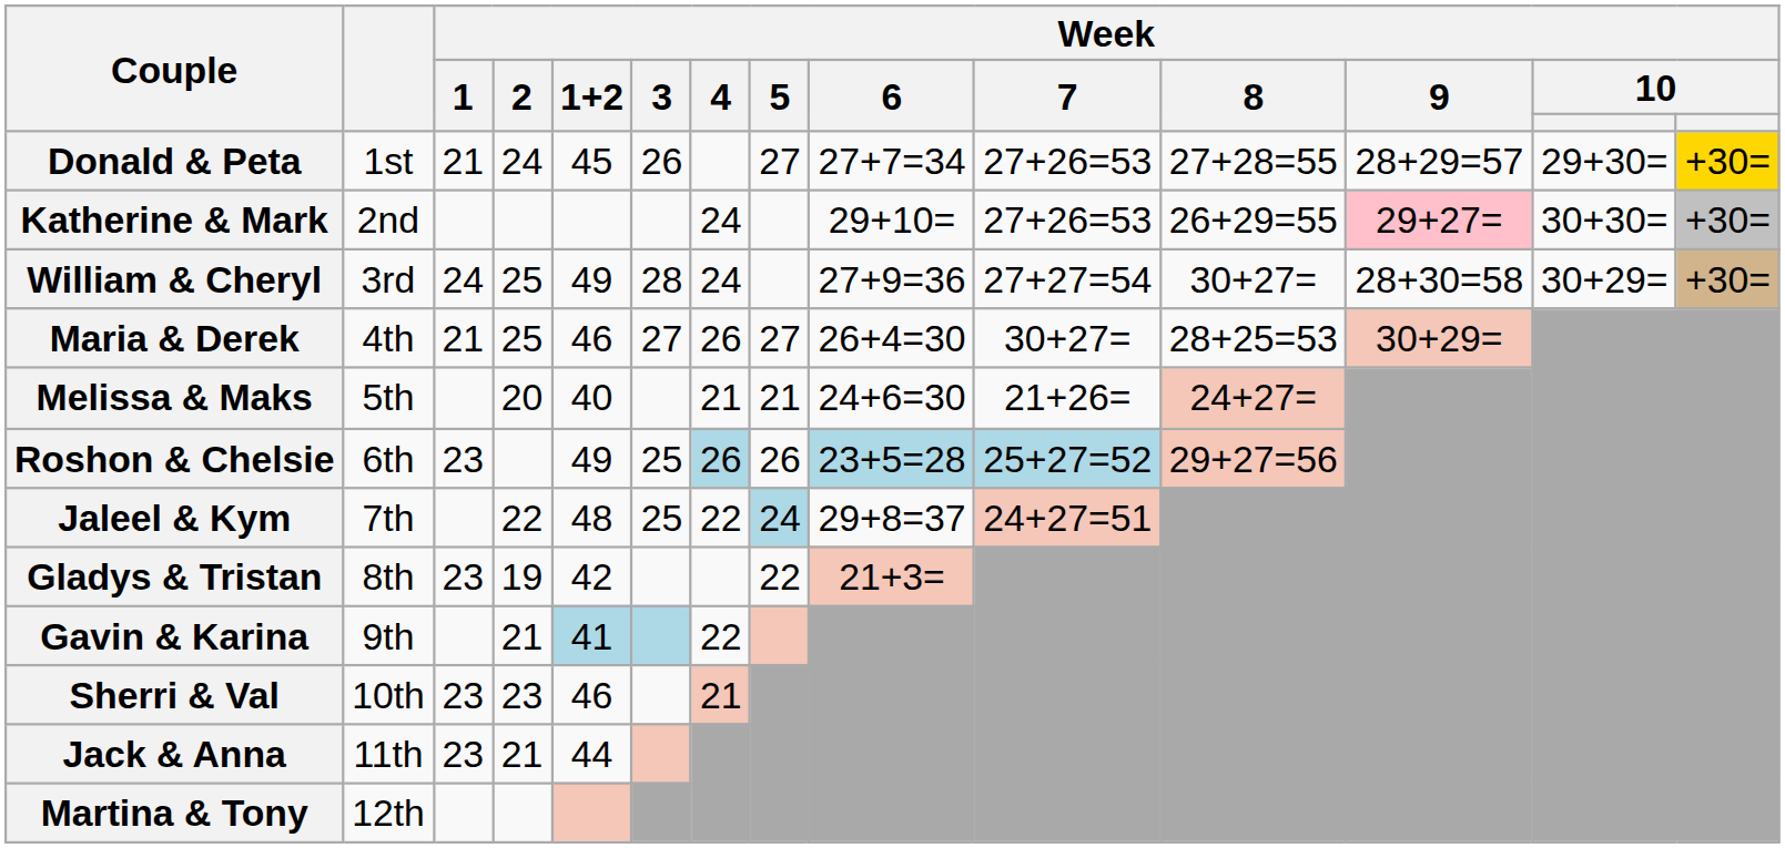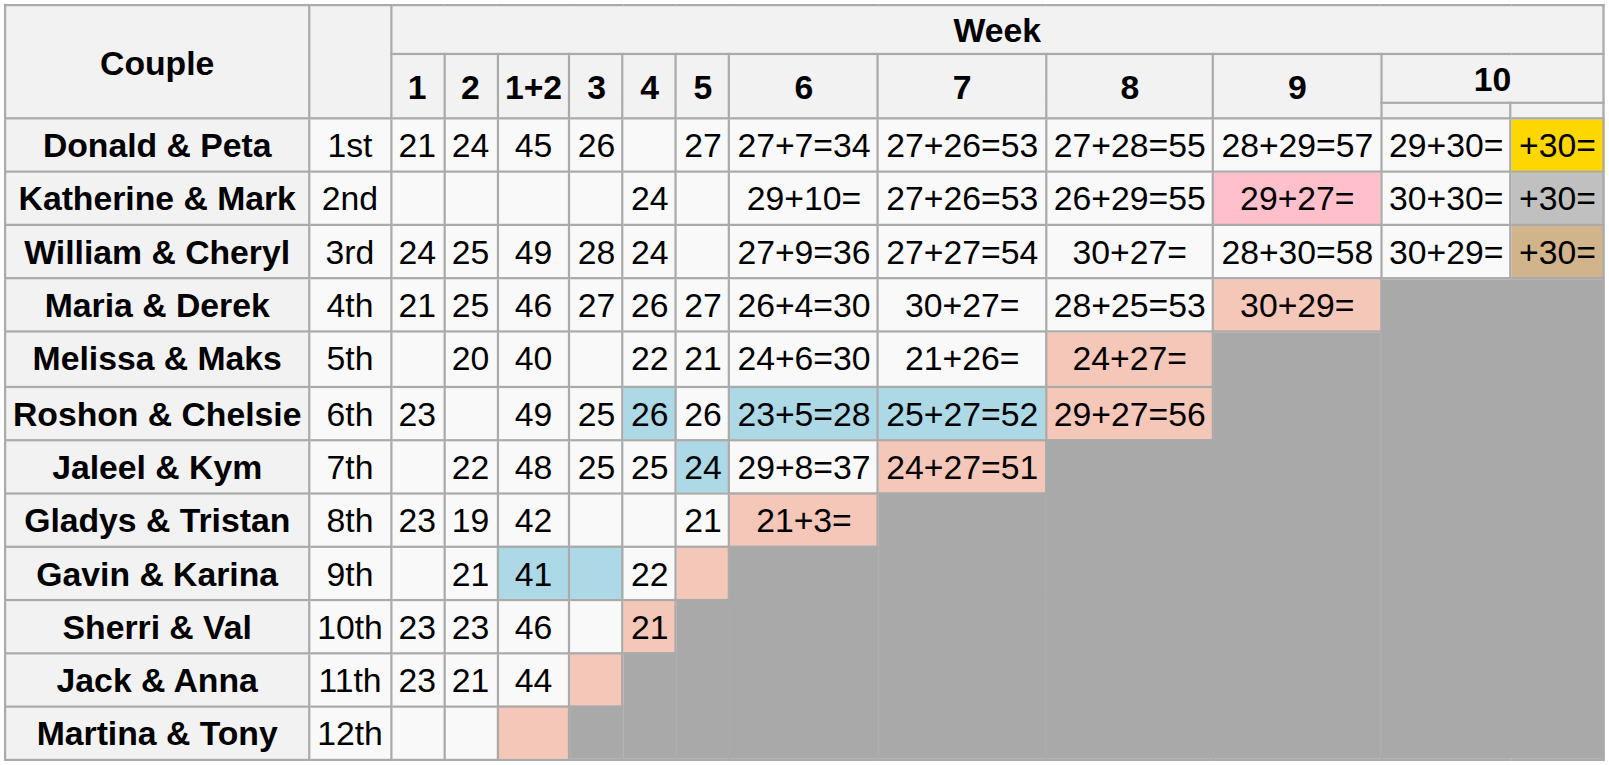 <table class="wikitable sortable" style="text-align:center; font-size:95%">
 <tr>
 <th scope="col" rowspan="3" style="text-align:center; line-height:15px;">Couple</th>
 <th scope="col" rowspan="3" style="text-align:center; line-height:15px;"></th>
 <th colspan="12" style="text-align:center; line-height:15px;">Week</th>
 </tr>
 <tr>
 <th rowspan="2" scope="col" style="line-height:15px;">1</th>
 <th rowspan="2" scope="col" style="line-height:15px;">2</th>
 <th rowspan="2" scope="col" style="line-height:15px;">1+2</th>
 <th rowspan="2" scope="col" style="line-height:15px;">3</th>
 <th rowspan="2" scope="col" style="line-height:15px;">4</th>
 <th rowspan="2" scope="col" style="line-height:15px;">5</th>
 <th rowspan="2" scope="col" style="line-height:15px;">6</th>
 <th rowspan="2" scope="col" style="line-height:15px;">7</th>
 <th rowspan="2" scope="col" style="line-height:15px;">8</th>
 <th rowspan="2" scope="col" style="line-height:15px;">9</th>
 <th colspan="2" scope="col" style="line-height:15px;">10</th>
 </tr>
 <tr>
 <th style="line-height:15px;"></th>
 <th style="line-height:15px;"></th>
 </tr>
 <tr>
 <th scope="row">Donald & Peta</th>
 <td>1st</td>
 <td>21</td>
 <td>24</td>
 <td>45</td>
 <td>26</td>
 <td></td>
 <td>27</td>
 <td>27+7=34</td>
 <td>27+26=53</td>
 <td>27+28=55</td>
 <td>28+29=57</td>
 <td>29+30=</td>
 <td bgcolor="gold" >+30=</td>
 </tr>
 <tr>
 <th scope="row">Katherine & Mark</th>
 <td>2nd</td>
 <td></td>
 <td></td>
 <td></td>
 <td></td>
 <td>24</td>
 <td></td>
 <td>29+10=</td>
 <td>27+26=53</td>
 <td>26+29=55</td>
 <td style="background: pink;">29+27=</td>
 <td>30+30=</td>
 <td bgcolor="silver" >+30=</td>
 </tr>
 <tr>
 <th scope="row">William & Cheryl</th>
 <td>3rd</td>
 <td>24</td>
 <td>25</td>
 <td>49</td>
 <td>28</td>
 <td>24</td>
 <td></td>
 <td>27+9=36</td>
 <td>27+27=54</td>
 <td>30+27=</td>
 <td>28+30=58</td>
 <td>30+29=</td>
 <td bgcolor="tan" >+30=</td>
 </tr>
 <tr>
 <th scope="row">Maria & Derek</th>
 <td>4th</td>
 <td>21</td>
 <td>25</td>
 <td>46</td>
 <td>27</td>
 <td>26</td>
 <td>27</td>
 <td>26+4=30</td>
 <td>30+27=</td>
 <td>28+25=53</td>
 <td bgcolor="f4c7b8" >30+29=</td>
 <td colspan="2" rowspan="9" style="background:darkgrey;"></td>
 </tr>
 <tr>
 <th scope="row">Melissa & Maks</th>
 <td>5th</td>
 <td></td>
 <td>20</td>
 <td>40</td>
 <td></td>
-<td>21</td>
+<td>22</td>
 <td>21</td>
 <td>24+6=30</td>
 <td>21+26=</td>
 <td bgcolor="f4c7b8" >24+27=</td>
 <td rowspan="8" style="background:darkgrey;"></td>
 </tr>
 <tr>
 <th scope="row">Roshon & Chelsie</th>
 <td>6th</td>
 <td>23</td>
 <td></td>
 <td>49</td>
 <td>25</td>
 <td bgcolor="lightblue">26</td>
 <td>26</td>
 <td bgcolor="lightblue" >23+5=28</td>
 <td bgcolor="lightblue" >25+27=52</td>
 <td bgcolor="f4c7b8" >29+27=56</td>
 </tr>
 <tr>
 <th scope="row">Jaleel & Kym</th>
 <td>7th</td>
 <td></td>
 <td>22</td>
 <td>48</td>
 <td>25</td>
-<td>22</td>
+<td>25</td>
 <td bgcolor="lightblue">24</td>
 <td>29+8=37</td>
 <td bgcolor="f4c7b8" >24+27=51</td>
 <td rowspan="6" style="background:darkgrey;"></td>
 </tr>
 <tr>
 <th scope="row">Gladys & Tristan</th>
 <td>8th</td>
 <td>23</td>
 <td>19</td>
 <td>42</td>
 <td></td>
 <td></td>
-<td>22</td>
+<td>21</td>
 <td bgcolor="f4c7b8" >21+3=</td>
 <td rowspan="5" style="background:darkgrey;"></td>
 </tr>
 <tr>
 <th scope="row">Gavin & Karina</th>
 <td>9th</td>
 <td></td>
 <td>21</td>
 <td bgcolor="lightblue">41</td>
 <td bgcolor="lightblue"></td>
 <td>22</td>
 <td bgcolor="f4c7b8"></td>
 <td rowspan="4" style="background:darkgrey;"></td>
 </tr>
 <tr>
 <th scope="row">Sherri & Val</th>
 <td>10th</td>
 <td>23</td>
 <td>23</td>
 <td>46</td>
 <td></td>
 <td bgcolor="f4c7b8">21</td>
 <td rowspan="3" style="background:darkgrey;"></td>
 </tr>
 <tr>
 <th scope="row">Jack & Anna</th>
 <td>11th</td>
 <td>23</td>
 <td>21</td>
 <td>44</td>
 <td bgcolor="f4c7b8"></td>
 <td rowspan="2" style="background:darkgrey;"></td>
 </tr>
 <tr>
 <th scope="row">Martina & Tony</th>
 <td>12th</td>
 <td></td>
 <td></td>
 <td bgcolor="f4c7b8"></td>
 <td style="background:darkgrey;"></td>
 </tr>
 </table>
